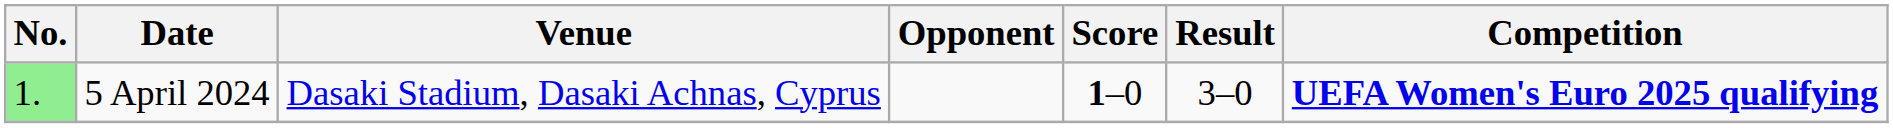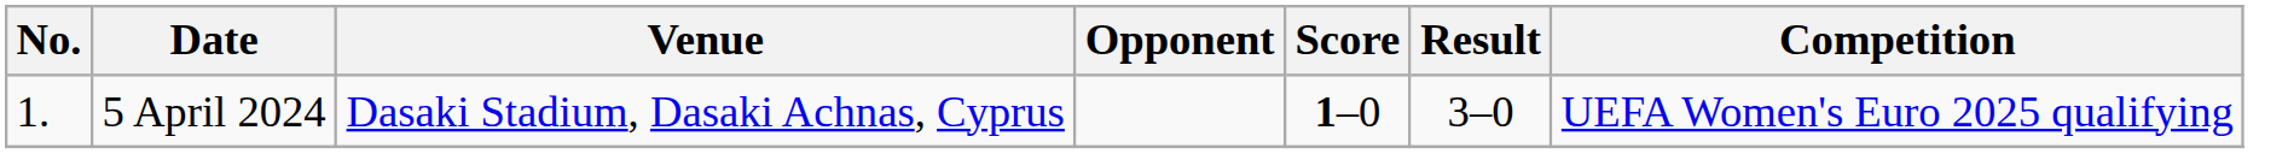 <table class="wikitable">
 <tr>
 <th>No.</th>
 <th>Date</th>
 <th>Venue</th>
 <th>Opponent</th>
 <th>Score</th>
 <th>Result</th>
 <th>Competition</th>
 </tr>
 <tr>
-<td style="background: lightgreen;">1.</td>
+<td>1.</td>
 <td>5 April 2024</td>
 <td><a href='#'>Dasaki Stadium</a>, <a href='#'>Dasaki Achnas</a>, <a href='#'>Cyprus</a></td>
 <td></td>
 <td align=center><strong>1</strong>–0</td>
 <td align=center>3–0</td>
-<td><strong><a href='#'>UEFA Women's Euro 2025 qualifying</a></strong></td>
+<td><a href='#'>UEFA Women's Euro 2025 qualifying</a></td>
 </tr>
 <tr>
 </tr>
 </table>
